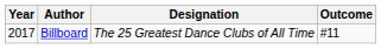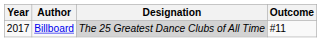 <table class="wikitable">
 <tr>
 <th>Year</th>
 <th>Author</th>
 <th>Designation</th>
 <th>Outcome</th>
 </tr>
 <tr>
 <td>2017</td>
 <td><a href='#'>Billboard</a></td>
-<td><em>The 25 Greatest Dance Clubs of All Time</em></td>
+<td style="background: lightgrey;"><em>The 25 Greatest Dance Clubs of All Time</em></td>
 <td>#11</td>
 </tr>
 </table>
